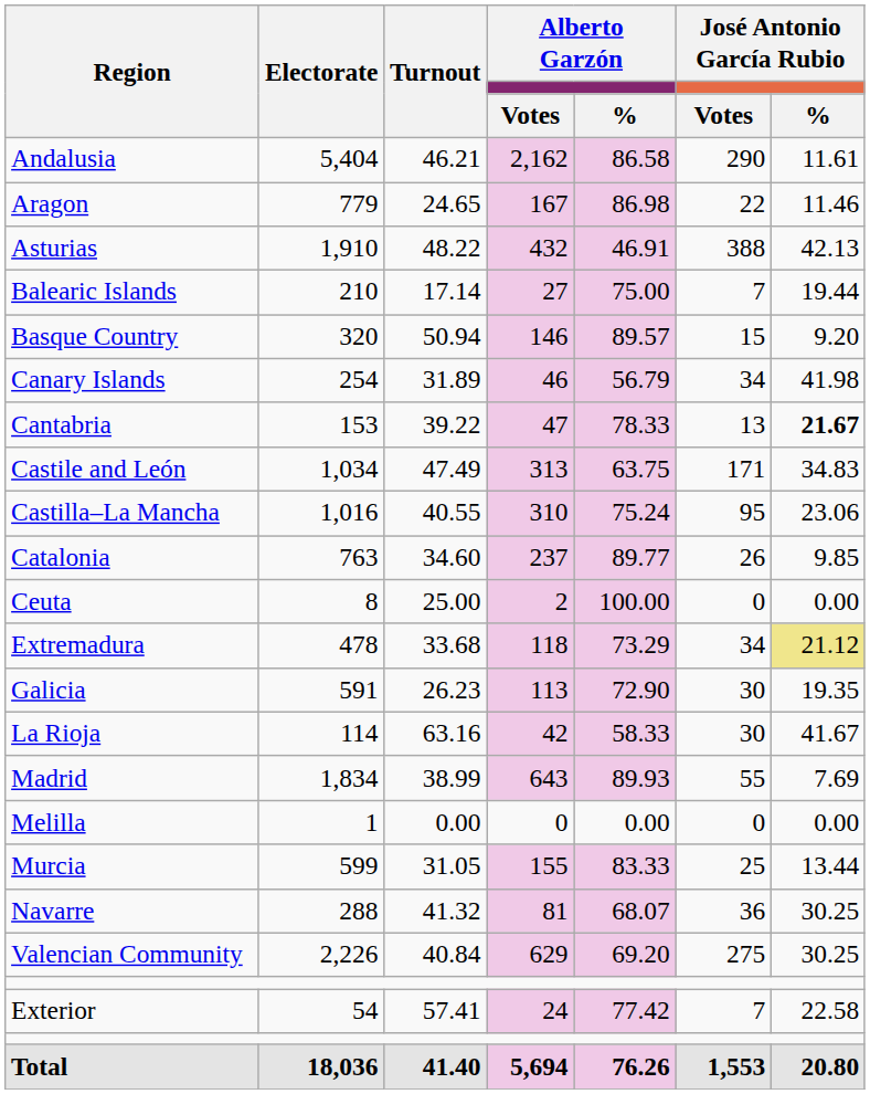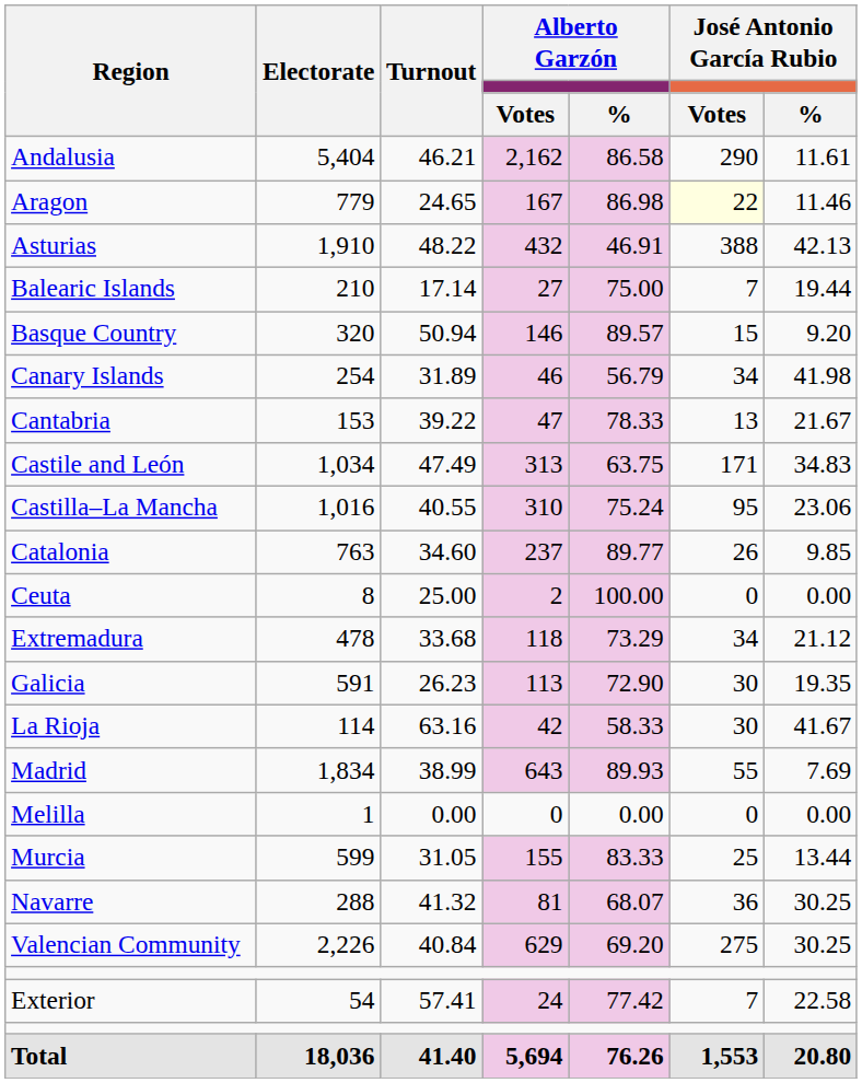 <table class="wikitable sortable collapsible collapsed" style="text-align:right; line-height:20px;">
 <tr>
 <th width="150" rowspan="3">Region</th>
 <th rowspan="3">Electorate</th>
 <th rowspan="3">Turnout</th>
 <th class="unsortable" width="110" colspan="2"><a href='#'>Alberto<br>Garzón</a></th>
 <th class="unsortable" width="110" colspan="2">José Antonio<br>García Rubio</th>
 </tr>
 <tr>
 <th colspan="2" style="background:#83246E;"></th>
 <th colspan="2" style="background:#E66A45;"></th>
 </tr>
 <tr>
 <th>Votes</th>
 <th>%</th>
 <th>Votes</th>
 <th>%</th>
 </tr>
 <tr>
 <td align="left"><a href='#'>Andalusia</a></td>
 <td>5,404</td>
 <td>46.21</td>
 <td style="background:#F0C9E7;">2,162</td>
 <td style="background:#F0C9E7;">86.58</td>
 <td>290</td>
 <td>11.61</td>
 </tr>
 <tr>
 <td align="left"><a href='#'>Aragon</a></td>
 <td>779</td>
 <td>24.65</td>
 <td style="background:#F0C9E7;">167</td>
 <td style="background:#F0C9E7;">86.98</td>
-<td>22</td>
+<td style="background: lightyellow;">22</td>
 <td>11.46</td>
 </tr>
 <tr>
 <td align="left"><a href='#'>Asturias</a></td>
 <td>1,910</td>
 <td>48.22</td>
 <td style="background:#F0C9E7;">432</td>
 <td style="background:#F0C9E7;">46.91</td>
 <td>388</td>
 <td>42.13</td>
 </tr>
 <tr>
 <td align="left"><a href='#'>Balearic Islands</a></td>
 <td>210</td>
 <td>17.14</td>
 <td style="background:#F0C9E7;">27</td>
 <td style="background:#F0C9E7;">75.00</td>
 <td>7</td>
 <td>19.44</td>
 </tr>
 <tr>
 <td align="left"><a href='#'>Basque Country</a></td>
 <td>320</td>
 <td>50.94</td>
 <td style="background:#F0C9E7;">146</td>
 <td style="background:#F0C9E7;">89.57</td>
 <td>15</td>
 <td>9.20</td>
 </tr>
 <tr>
 <td align="left"><a href='#'>Canary Islands</a></td>
 <td>254</td>
 <td>31.89</td>
 <td style="background:#F0C9E7;">46</td>
 <td style="background:#F0C9E7;">56.79</td>
 <td>34</td>
 <td>41.98</td>
 </tr>
 <tr>
 <td align="left"><a href='#'>Cantabria</a></td>
 <td>153</td>
 <td>39.22</td>
 <td style="background:#F0C9E7;">47</td>
 <td style="background:#F0C9E7;">78.33</td>
 <td>13</td>
-<td><strong>21.67</strong></td>
+<td>21.67</td>
 </tr>
 <tr>
 <td align="left"><a href='#'>Castile and León</a></td>
 <td>1,034</td>
 <td>47.49</td>
 <td style="background:#F0C9E7;">313</td>
 <td style="background:#F0C9E7;">63.75</td>
 <td>171</td>
 <td>34.83</td>
 </tr>
 <tr>
 <td align="left"><a href='#'>Castilla–La Mancha</a></td>
 <td>1,016</td>
 <td>40.55</td>
 <td style="background:#F0C9E7;">310</td>
 <td style="background:#F0C9E7;">75.24</td>
 <td>95</td>
 <td>23.06</td>
 </tr>
 <tr>
 <td align="left"><a href='#'>Catalonia</a></td>
 <td>763</td>
 <td>34.60</td>
 <td style="background:#F0C9E7;">237</td>
 <td style="background:#F0C9E7;">89.77</td>
 <td>26</td>
 <td>9.85</td>
 </tr>
 <tr>
 <td align="left"><a href='#'>Ceuta</a></td>
 <td>8</td>
 <td>25.00</td>
 <td style="background:#F0C9E7;">2</td>
 <td style="background:#F0C9E7;">100.00</td>
 <td>0</td>
 <td>0.00</td>
 </tr>
 <tr>
 <td align="left"><a href='#'>Extremadura</a></td>
 <td>478</td>
 <td>33.68</td>
 <td style="background:#F0C9E7;">118</td>
 <td style="background:#F0C9E7;">73.29</td>
 <td>34</td>
-<td style="background: khaki;">21.12</td>
+<td>21.12</td>
 </tr>
 <tr>
 <td align="left"><a href='#'>Galicia</a></td>
 <td>591</td>
 <td>26.23</td>
 <td style="background:#F0C9E7;">113</td>
 <td style="background:#F0C9E7;">72.90</td>
 <td>30</td>
 <td>19.35</td>
 </tr>
 <tr>
 <td align="left"><a href='#'>La Rioja</a></td>
 <td>114</td>
 <td>63.16</td>
 <td style="background:#F0C9E7;">42</td>
 <td style="background:#F0C9E7;">58.33</td>
 <td>30</td>
 <td>41.67</td>
 </tr>
 <tr>
 <td align="left"><a href='#'>Madrid</a></td>
 <td>1,834</td>
 <td>38.99</td>
 <td style="background:#F0C9E7;">643</td>
 <td style="background:#F0C9E7;">89.93</td>
 <td>55</td>
 <td>7.69</td>
 </tr>
 <tr>
 <td align="left"><a href='#'>Melilla</a></td>
 <td>1</td>
 <td>0.00</td>
 <td>0</td>
 <td>0.00</td>
 <td>0</td>
 <td>0.00</td>
 </tr>
 <tr>
 <td align="left"><a href='#'>Murcia</a></td>
 <td>599</td>
 <td>31.05</td>
 <td style="background:#F0C9E7;">155</td>
 <td style="background:#F0C9E7;">83.33</td>
 <td>25</td>
 <td>13.44</td>
 </tr>
 <tr>
 <td align="left"><a href='#'>Navarre</a></td>
 <td>288</td>
 <td>41.32</td>
 <td style="background:#F0C9E7;">81</td>
 <td style="background:#F0C9E7;">68.07</td>
 <td>36</td>
 <td>30.25</td>
 </tr>
 <tr>
 <td align="left"><a href='#'>Valencian Community</a></td>
 <td>2,226</td>
 <td>40.84</td>
 <td style="background:#F0C9E7;">629</td>
 <td style="background:#F0C9E7;">69.20</td>
 <td>275</td>
 <td>30.25</td>
 </tr>
 <tr>
 <td colspan="7"></td>
 </tr>
 <tr>
 <td align="left">Exterior</td>
 <td>54</td>
 <td>57.41</td>
 <td style="background:#F0C9E7;">24</td>
 <td style="background:#F0C9E7;">77.42</td>
 <td>7</td>
 <td>22.58</td>
 </tr>
 <tr>
 <td colspan="7"></td>
 </tr>
 <tr style="font-weight:bold; background:#E4E4E4;">
 <td align="left">Total</td>
 <td>18,036</td>
 <td>41.40</td>
 <td style="background:#F0C9E7;"><strong>5,694</strong></td>
 <td style="background:#F0C9E7;"><strong>76.26</strong></td>
 <td>1,553</td>
 <td>20.80</td>
 </tr>
 </table>
